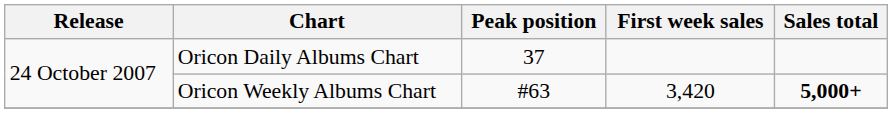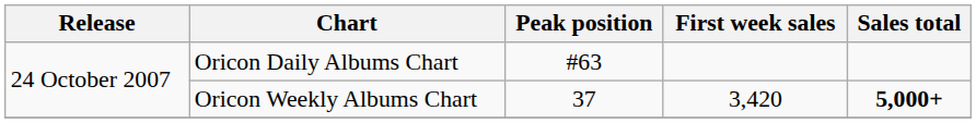 <table class="wikitable" width="650px">
 <tr>
 <th>Release</th>
 <th>Chart</th>
 <th>Peak position</th>
 <th>First week sales</th>
 <th>Sales total</th>
 </tr>
 <tr>
 <td rowspan=2>24 October 2007</td>
 <td>Oricon Daily Albums Chart</td>
-<td align="center">37</td>
+<td align="center">#63</td>
 <td></td>
 </tr>
 <tr>
 <td>Oricon Weekly Albums Chart</td>
-<td align="center">#63</td>
+<td align="center">37</td>
 <td align="center">3,420</td>
 <td align="center"><strong>5,000+</strong></td>
 </tr>
 <tr>
 </tr>
 </table>
